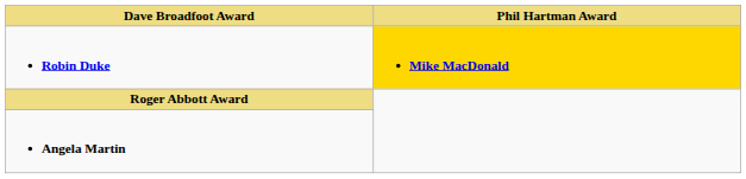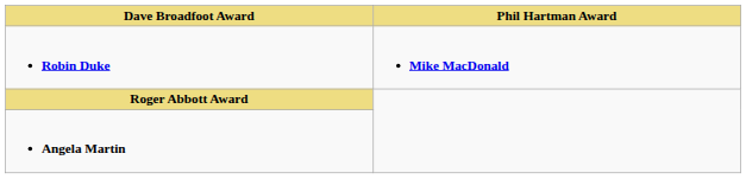 <table class="wikitable" style="width:100%">
 <tr>
 <th style="background:#EEDD82; width:50%">Dave Broadfoot Award</th>
 <th style="background:#EEDD82; width:50%">Phil Hartman Award</th>
 </tr>
 <tr>
 <td valign="top"><br><ul><li> <strong><a href='#'>Robin Duke</a></strong></li></ul></td>
-<td valign="top" style="background: gold;"><br><ul><li> <strong><a href='#'>Mike MacDonald</a></strong></li></ul></td>
+<td valign="top"><br><ul><li> <strong><a href='#'>Mike MacDonald</a></strong></li></ul></td>
 </tr>
 <tr>
 <th style="background:#EEDD82; width:50%">Roger Abbott Award</th>
 </tr>
 <tr>
 <td valign="top"><br><ul><li> <strong>Angela Martin</strong></li></ul></td>
 </tr>
 </table>
